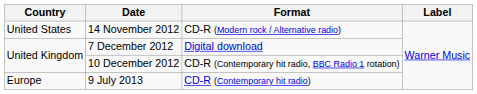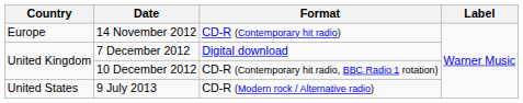 <table class="wikitable">
 <tr>
 <th>Country</th>
 <th>Date</th>
 <th>Format</th>
 <th>Label</th>
 </tr>
 <tr>
-<td>United States</td>
+<td>Europe</td>
 <td>14 November 2012</td>
-<td>CD-R <small>(<a href='#'>Modern rock / Alternative radio</a>)</small></td>
+<td><a href='#'>CD-R</a> <small>(<a href='#'>Contemporary hit radio</a>)</small></td>
 <td rowspan="4"><a href='#'>Warner Music</a></td>
 </tr>
 <tr>
 <td rowspan="2">United Kingdom</td>
 <td>7 December 2012</td>
 <td><a href='#'>Digital download</a></td>
 </tr>
 <tr>
 <td>10 December 2012</td>
 <td>CD-R <small>(Contemporary hit radio, <a href='#'>BBC Radio 1</a> rotation)</small></td>
 </tr>
 <tr>
-<td>Europe</td>
+<td>United States</td>
 <td>9 July 2013</td>
-<td><a href='#'>CD-R</a> <small>(<a href='#'>Contemporary hit radio</a>)</small></td>
+<td>CD-R <small>(<a href='#'>Modern rock / Alternative radio</a>)</small></td>
 </tr>
 </table>
